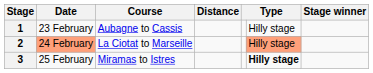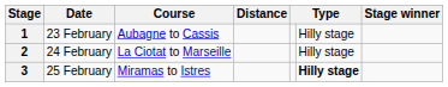 <table class="wikitable">
 <tr>
 <th scope="col">Stage</th>
 <th scope="col">Date</th>
 <th scope="col">Course</th>
 <th scope="col">Distance</th>
 <th scope="col" colspan="2">Type</th>
 <th scope="col">Stage winner</th>
 </tr>
 <tr>
 <th scope="row" style="text-align:center;">1</th>
 <td style="text-align:center;">23 February</td>
 <td><a href='#'>Aubagne</a> to <a href='#'>Cassis</a></td>
 <td style="text-align:center;"></td>
 <td></td>
 <td>Hilly stage</td>
 <td></td>
 </tr>
 <tr>
 <th scope="row" style="text-align:center;">2</th>
-<td style="background: lightsalmon; text-align:center;">24 February</td>
+<td style="text-align:center;">24 February</td>
 <td><a href='#'>La Ciotat</a> to <a href='#'>Marseille</a></td>
 <td style="text-align:center;"></td>
 <td></td>
-<td style="background: lightsalmon;">Hilly stage</td>
+<td>Hilly stage</td>
 <td></td>
 </tr>
 <tr>
 <th scope="row" style="text-align:center;">3</th>
 <td style="text-align:center;">25 February</td>
 <td><a href='#'>Miramas</a> to <a href='#'>Istres</a></td>
 <td style="text-align:center;"></td>
 <td></td>
 <td><strong>Hilly stage</strong></td>
 <td></td>
 </tr>
 </table>
